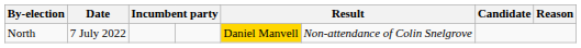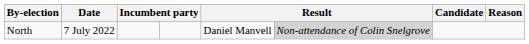 <table class="wikitable">
 <tr>
 <th>By-election</th>
 <th>Date</th>
 <th colspan=2>Incumbent party</th>
 <th colspan=2>Result</th>
 <th>Candidate</th>
 <th>Reason</th>
 </tr>
 <tr>
 <td>North</td>
 <td>7 July 2022</td>
 <td></td>
 <td></td>
-<td style="background: gold;">Daniel Manvell</td>
-<td><em>Non-attendance of Colin Snelgrove </em></td>
+<td>Daniel Manvell</td>
+<td style="background: lightgrey;"><em>Non-attendance of Colin Snelgrove </em></td>
 </tr>
 </table>
